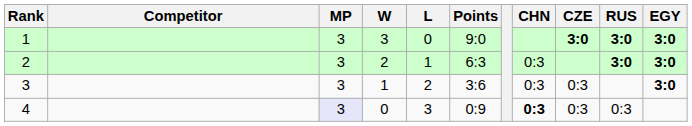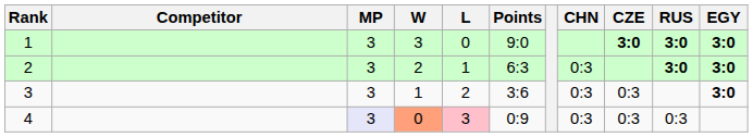 <table class="wikitable" style="text-align:center">
 <tr>
 <th>Rank</th>
 <th style="width:18em">Competitor</th>
 <th style="width:2.5em">MP</th>
 <th style="width:2.5em">W</th>
 <th style="width:2.5em">L</th>
 <th>Points</th>
 <th rowspan="5"> </th>
 <th style="width:2.5em">CHN</th>
 <th style="width:2.5em">CZE</th>
 <th style="width:2.5em">RUS</th>
 <th style="width:2.5em">EGY</th>
 </tr>
 <tr style="background:#cfc;">
 <td>1</td>
 <td style="text-align:left"></td>
 <td>3</td>
 <td>3</td>
 <td>0</td>
 <td>9:0</td>
 <td></td>
 <td><strong>3:0</strong></td>
 <td><strong>3:0</strong></td>
 <td><strong>3:0</strong></td>
 </tr>
 <tr style="background:#cfc;">
 <td>2</td>
 <td style="text-align:left"></td>
 <td>3</td>
 <td>2</td>
 <td>1</td>
 <td>6:3</td>
 <td>0:3</td>
 <td></td>
 <td><strong>3:0</strong></td>
 <td><strong>3:0</strong></td>
 </tr>
 <tr>
 <td>3</td>
 <td style="text-align:left"></td>
 <td>3</td>
 <td>1</td>
 <td>2</td>
 <td>3:6</td>
 <td>0:3</td>
 <td>0:3</td>
 <td></td>
 <td><strong>3:0</strong></td>
 </tr>
 <tr>
 <td>4</td>
 <td style="text-align:left"></td>
 <td style="background: lavender;">3</td>
-<td>0</td>
-<td>3</td>
+<td style="background: lightsalmon;">0</td>
+<td style="background: pink;">3</td>
 <td>0:9</td>
-<td><strong>0:3</strong></td>
+<td>0:3</td>
 <td>0:3</td>
 <td>0:3</td>
 <td></td>
 </tr>
 </table>
